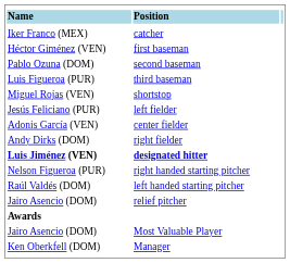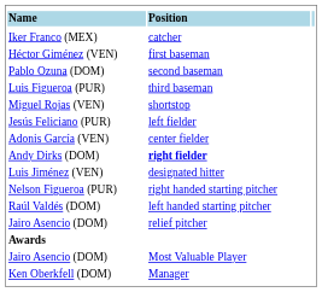 <table cellpadding="1" width="350px" style="font-size: 80%; border: 1px solid gray;">
 <tr align="center" style="font-size: larger;">
 <td colspan=6></td>
 </tr>
 <tr style="background:lightblue;">
 <td><strong>Name</strong></td>
 <td><strong>Position</strong></td>
 <td></td>
 </tr>
 <tr align="center" style="vertical-align: middle;" style="background:lightblue;">
 </tr>
 <tr>
 <td><a href='#'>Iker Franco</a> (MEX)</td>
 <td><a href='#'>catcher</a></td>
 </tr>
 <tr>
 <td><a href='#'>Héctor Giménez</a> (VEN)</td>
 <td><a href='#'>first baseman</a></td>
 </tr>
 <tr>
 <td><a href='#'>Pablo Ozuna</a> (DOM)</td>
 <td><a href='#'>second baseman</a></td>
 </tr>
 <tr>
 <td><a href='#'>Luis Figueroa</a> (PUR)</td>
 <td><a href='#'>third baseman</a></td>
 </tr>
 <tr>
 <td><a href='#'>Miguel Rojas</a> (VEN)</td>
 <td><a href='#'>shortstop</a></td>
 </tr>
 <tr>
 <td><a href='#'>Jesús Feliciano</a> (PUR)</td>
 <td><a href='#'>left fielder</a></td>
 </tr>
 <tr>
 <td><a href='#'>Adonis García</a> (VEN)</td>
 <td><a href='#'>center fielder</a></td>
 </tr>
 <tr>
 <td><a href='#'>Andy Dirks</a> (DOM)</td>
-<td><a href='#'>right fielder</a></td>
+<td><strong><a href='#'>right fielder</a></strong></td>
 </tr>
 <tr>
-<td><strong><a href='#'>Luis Jiménez</a> (VEN)</strong></td>
-<td><strong><a href='#'>designated hitter</a></strong></td>
+<td><a href='#'>Luis Jiménez</a> (VEN)</td>
+<td><a href='#'>designated hitter</a></td>
 </tr>
 <tr>
 <td><a href='#'>Nelson Figueroa</a> (PUR)</td>
 <td><a href='#'>right handed starting pitcher</a></td>
 </tr>
 <tr>
 <td><a href='#'>Raúl Valdés</a> (DOM)</td>
 <td><a href='#'>left handed starting pitcher</a></td>
 </tr>
 <tr>
 <td><a href='#'>Jairo Asencio</a> (DOM)</td>
 <td><a href='#'>relief pitcher</a></td>
 </tr>
 <tr>
 <td><strong>Awards</strong></td>
 </tr>
 <tr>
 <td><a href='#'>Jairo Asencio</a> (DOM)</td>
 <td><a href='#'>Most Valuable Player</a></td>
 </tr>
 <tr>
 <td><a href='#'>Ken Oberkfell</a> (DOM)</td>
 <td><a href='#'>Manager</a></td>
 </tr>
 <tr>
 </tr>
 </table>
